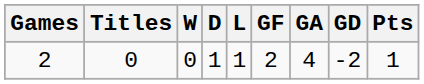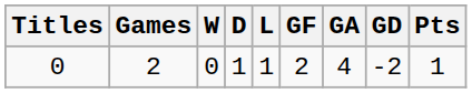 <table class="wikitable" style="text-align: center">
 <tr>
+<th scope="col">Titles</th>
 <th scope="col">Games</th>
-<th scope="col">Titles</th>
 <th scope="col">W</th>
 <th scope="col">D</th>
 <th scope="col">L</th>
 <th scope="col">GF</th>
 <th scope="col">GA</th>
 <th scope="col">GD</th>
 <th scope="col">Pts</th>
 </tr>
 <tr>
+<td>0</td>
 <td>2</td>
-<td>0</td>
 <td>0</td>
 <td>1</td>
 <td>1</td>
 <td>2</td>
 <td>4</td>
 <td>-2</td>
 <td>1</td>
 </tr>
 </table>
